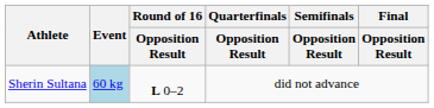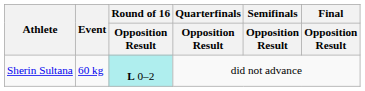 <table class="wikitable" border="1" style="font-size:90%">
 <tr>
 <th rowspan=2>Athlete</th>
 <th rowspan=2>Event</th>
 <th>Round of 16</th>
 <th>Quarterfinals</th>
 <th>Semifinals</th>
 <th>Final</th>
 </tr>
 <tr>
 <th>Opposition<br>Result</th>
 <th>Opposition<br>Result</th>
 <th>Opposition<br>Result</th>
 <th>Opposition<br>Result</th>
 </tr>
 <tr>
 <td><a href='#'>Sherin Sultana</a></td>
-<td style="background: lightblue;"><a href='#'>60 kg</a></td>
-<td align=center> <br><strong>L</strong> 0–2</td>
+<td><a href='#'>60 kg</a></td>
+<td align=center style="background: paleturquoise;"> <br><strong>L</strong> 0–2</td>
 <td align=center colspan=3>did not advance</td>
 </tr>
 </table>
